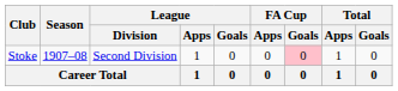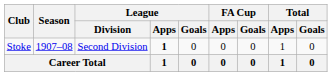 <table class="wikitable" style="text-align: center;">
 <tr>
 <th rowspan="2">Club</th>
 <th rowspan="2">Season</th>
 <th colspan="3">League</th>
 <th colspan="2">FA Cup</th>
 <th colspan="2">Total</th>
 </tr>
 <tr>
 <th>Division</th>
 <th>Apps</th>
 <th>Goals</th>
 <th>Apps</th>
 <th>Goals</th>
 <th>Apps</th>
 <th>Goals</th>
 </tr>
 <tr>
 <td><a href='#'>Stoke</a></td>
 <td><a href='#'>1907–08</a></td>
 <td><a href='#'>Second Division</a></td>
-<td>1</td>
+<td><strong>1</strong></td>
 <td>0</td>
 <td>0</td>
-<td style="background: pink;">0</td>
+<td>0</td>
 <td>1</td>
 <td>0</td>
 </tr>
 <tr>
 <th colspan="3">Career Total</th>
 <th>1</th>
 <th>0</th>
 <th>0</th>
 <th>0</th>
 <th>1</th>
 <th>0</th>
 </tr>
 </table>
